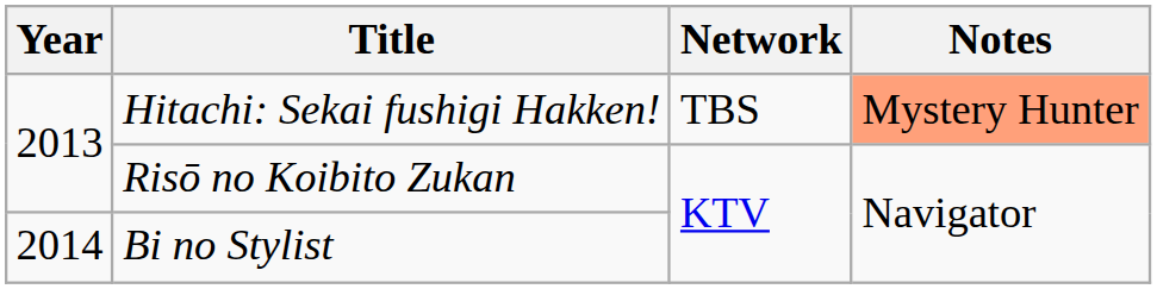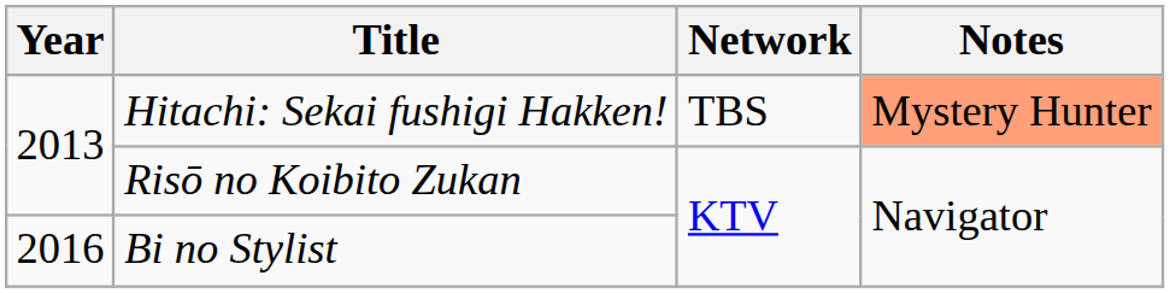 <table class="wikitable">
 <tr>
 <th>Year</th>
 <th>Title</th>
 <th>Network</th>
 <th>Notes</th>
 </tr>
 <tr>
 <td rowspan="2">2013</td>
 <td><em>Hitachi: Sekai fushigi Hakken!</em></td>
 <td>TBS</td>
 <td style="background: lightsalmon;">Mystery Hunter</td>
 </tr>
 <tr>
 <td><em>Risō no Koibito Zukan</em></td>
 <td rowspan="2"><a href='#'>KTV</a></td>
 <td rowspan="2">Navigator</td>
 </tr>
 <tr>
-<td>2014</td>
+<td>2016</td>
 <td><em>Bi no Stylist</em></td>
 </tr>
 </table>
